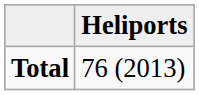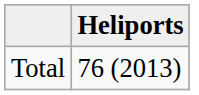 <table class="wikitable">
 <tr>
 <th style="background:#efefef;"></th>
 <th style="background:#efefef;">Heliports</th>
 </tr>
 <tr>
-<td><strong>Total</strong></td>
+<td>Total</td>
 <td>76 (2013)</td>
 </tr>
 </table>
